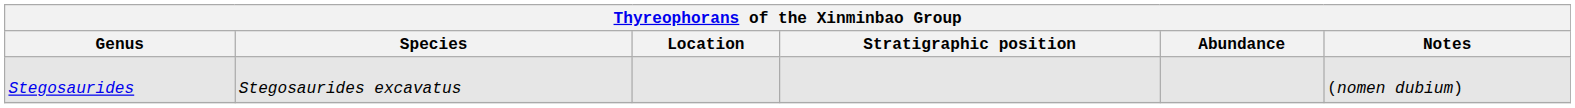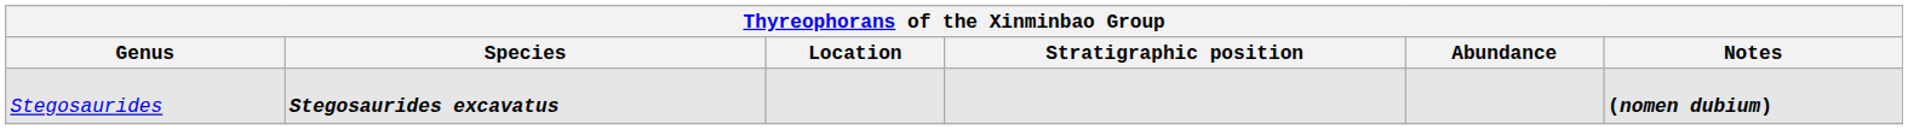 <table class="wikitable" align="center" width="100%">
 <tr>
 <th colspan="7" align="center"><strong><a href='#'>Thyreophorans</a> of the Xinminbao Group</strong></th>
 </tr>
 <tr>
 <th>Genus</th>
 <th>Species</th>
 <th>Location</th>
 <th>Stratigraphic position</th>
 <th>Abundance</th>
 <th>Notes<br></th>
 </tr>
 <tr>
 <td style="background:#E6E6E6;"><br><em><a href='#'>Stegosaurides</a></em></td>
-<td style="background:#E6E6E6;"><br><em>Stegosaurides excavatus</em></td>
+<td style="background:#E6E6E6;"><strong><br><em>Stegosaurides excavatus</em></strong></td>
 <td style="background:#E6E6E6;"></td>
 <td style="background:#E6E6E6;"></td>
 <td style="background:#E6E6E6;"></td>
-<td style="background:#E6E6E6;"><br>(<em>nomen dubium</em>)</td>
+<td style="background:#E6E6E6;"><strong><br>(<em>nomen dubium</em>)</strong></td>
 </tr>
 <tr>
 </tr>
 </table>
